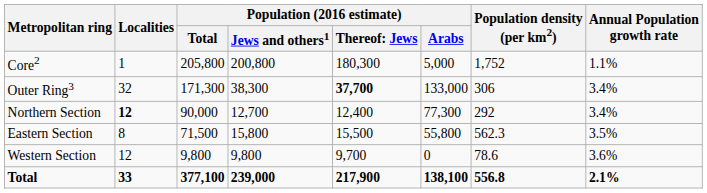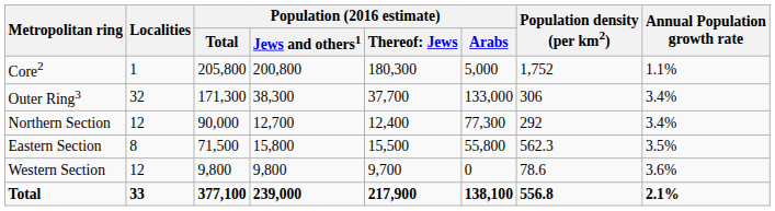 <table class="wikitable">
 <tr>
 <th rowspan="2">Metropolitan ring</th>
 <th rowspan="2">Localities</th>
 <th colspan="4">Population (2016 estimate)</th>
 <th rowspan="2">Population density<br>(per km<sup>2</sup>)</th>
 <th rowspan="2">Annual Population<br>growth rate</th>
 </tr>
 <tr>
 <th>Total</th>
 <th><a href='#'>Jews</a> and others<sup>1</sup></th>
 <th>Thereof: <a href='#'>Jews</a></th>
 <th><a href='#'>Arabs</a></th>
 </tr>
 <tr>
 <td>Core<sup>2</sup></td>
 <td>1</td>
 <td>205,800</td>
 <td>200,800</td>
 <td>180,300</td>
 <td>5,000</td>
 <td>1,752</td>
 <td>1.1%</td>
 </tr>
 <tr>
 <td>Outer Ring<sup>3</sup></td>
 <td>32</td>
 <td>171,300</td>
 <td>38,300</td>
-<td><strong>37,700</strong></td>
+<td>37,700</td>
 <td>133,000</td>
 <td>306</td>
 <td>3.4%</td>
 </tr>
 <tr>
 <td>Northern Section</td>
-<td><strong>12</strong></td>
+<td>12</td>
 <td>90,000</td>
 <td>12,700</td>
 <td>12,400</td>
 <td>77,300</td>
 <td>292</td>
 <td>3.4%</td>
 </tr>
 <tr>
 <td>Eastern Section</td>
 <td>8</td>
 <td>71,500</td>
 <td>15,800</td>
 <td>15,500</td>
 <td>55,800</td>
 <td>562.3</td>
 <td>3.5%</td>
 </tr>
 <tr>
 <td>Western Section</td>
 <td>12</td>
 <td>9,800</td>
 <td>9,800</td>
 <td>9,700</td>
 <td>0</td>
 <td>78.6</td>
 <td>3.6%</td>
 </tr>
 <tr>
 <td><strong>Total</strong></td>
 <td><strong>33</strong></td>
 <td><strong>377,100</strong></td>
 <td><strong>239,000</strong></td>
 <td><strong>217,900</strong></td>
 <td><strong>138,100</strong></td>
 <td><strong>556.8</strong></td>
 <td><strong>2.1%</strong></td>
 </tr>
 </table>
